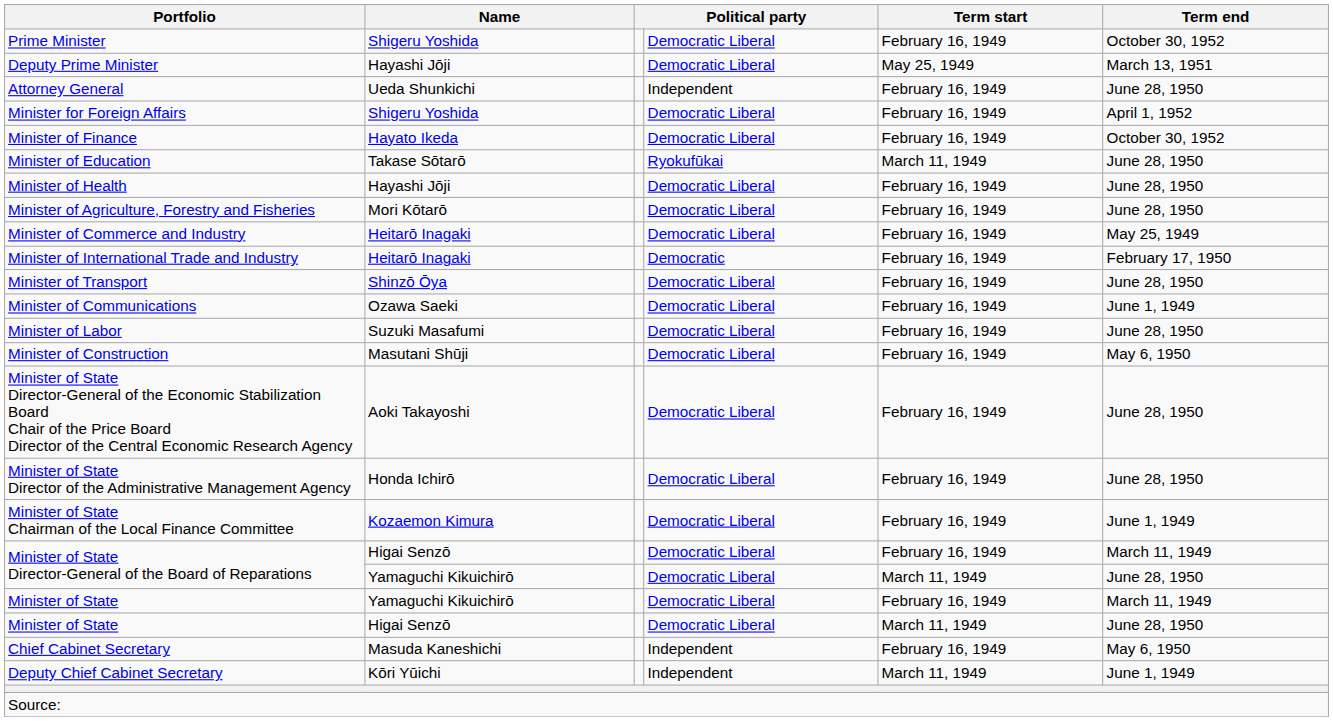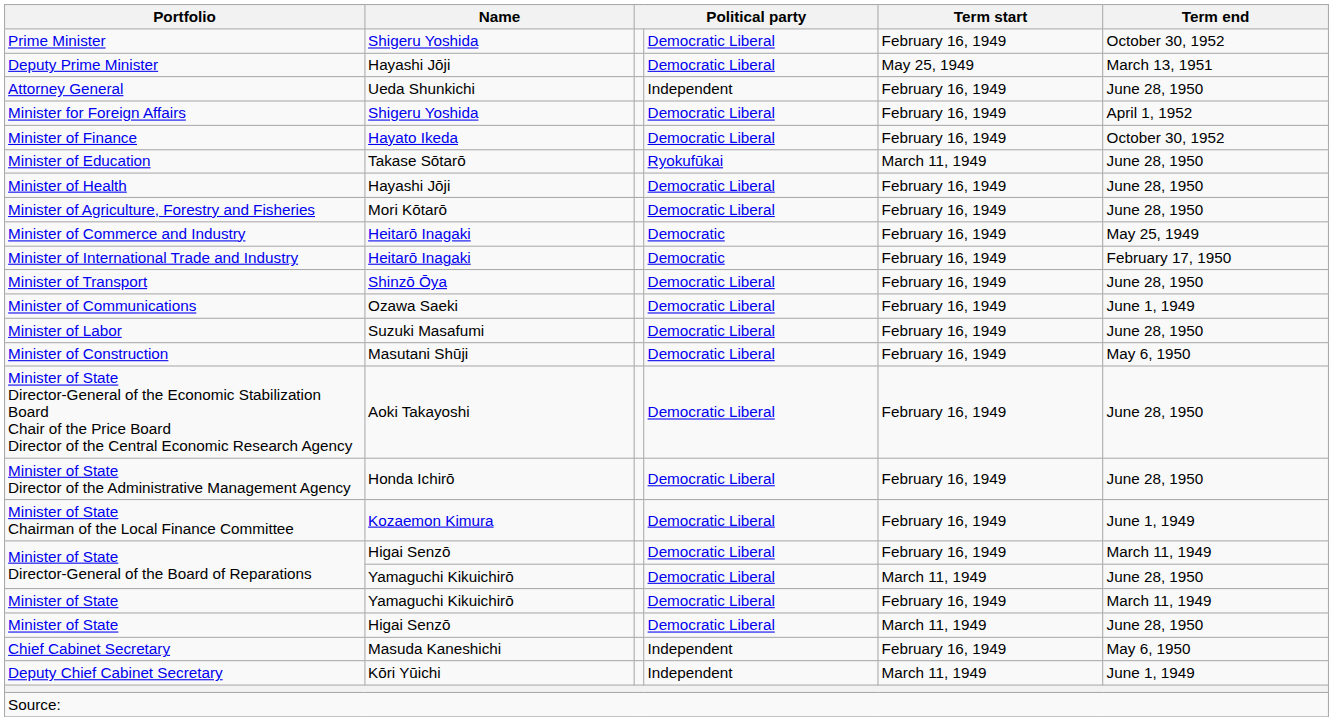 <table class="wikitable unsortable" style="font-size: 90%;">
 <tr>
 <th scope="col" width="20%">Portfolio</th>
 <th scope="col" width="15%">Name</th>
 <th colspan="2" scope="col" width="13.5%">Political party</th>
 <th scope="col" width="12.5%">Term start</th>
 <th scope="col" width="12.5%">Term end</th>
 </tr>
 <tr>
 <td style="text-align: left;"><a href='#'>Prime Minister</a></td>
 <td><a href='#'>Shigeru Yoshida</a></td>
 <td width="0.5%" style="background:"></td>
 <td><a href='#'>Democratic Liberal</a></td>
 <td>February 16, 1949</td>
 <td>October 30, 1952</td>
 </tr>
 <tr>
 <td><a href='#'>Deputy Prime Minister</a></td>
 <td>Hayashi Jōji</td>
 <td style="color:inherit;background:"></td>
 <td><a href='#'>Democratic Liberal</a></td>
 <td>May 25, 1949</td>
 <td>March 13, 1951</td>
 </tr>
 <tr>
 <td><a href='#'>Attorney General</a></td>
 <td>Ueda Shunkichi</td>
 <td style="color:inherit;background:"></td>
 <td>Independent</td>
 <td>February 16, 1949</td>
 <td>June 28, 1950</td>
 </tr>
 <tr>
 <td><a href='#'>Minister for Foreign Affairs</a></td>
 <td><a href='#'>Shigeru Yoshida</a></td>
 <td style="color:inherit;background:"></td>
 <td><a href='#'>Democratic Liberal</a></td>
 <td>February 16, 1949</td>
 <td>April 1, 1952</td>
 </tr>
 <tr>
 <td><a href='#'>Minister of Finance</a></td>
 <td><a href='#'>Hayato Ikeda</a></td>
 <td style="color:inherit;background:"></td>
 <td><a href='#'>Democratic Liberal</a></td>
 <td>February 16, 1949</td>
 <td>October 30, 1952</td>
 </tr>
 <tr>
 <td><a href='#'>Minister of Education</a></td>
 <td>Takase Sōtarō</td>
 <td></td>
 <td><a href='#'>Ryokufūkai</a></td>
 <td>March 11, 1949</td>
 <td>June 28, 1950</td>
 </tr>
 <tr>
 <td><a href='#'>Minister of Health</a></td>
 <td>Hayashi Jōji</td>
 <td style="color:inherit;background:"></td>
 <td><a href='#'>Democratic Liberal</a></td>
 <td>February 16, 1949</td>
 <td>June 28, 1950</td>
 </tr>
 <tr>
 <td><a href='#'>Minister of Agriculture, Forestry and Fisheries</a></td>
 <td>Mori Kōtarō</td>
 <td style="color:inherit;background:"></td>
 <td><a href='#'>Democratic Liberal</a></td>
 <td>February 16, 1949</td>
 <td>June 28, 1950</td>
 </tr>
 <tr>
 <td><a href='#'>Minister of Commerce and Industry</a></td>
 <td><a href='#'>Heitarō Inagaki</a></td>
 <td style="color:inherit;background:"></td>
-<td><a href='#'>Democratic Liberal</a></td>
+<td><a href='#'>Democratic</a></td>
 <td>February 16, 1949</td>
 <td>May 25, 1949</td>
 </tr>
 <tr>
 <td><a href='#'>Minister of International Trade and Industry</a></td>
 <td><a href='#'>Heitarō Inagaki</a></td>
 <td style="color:inherit;background:"></td>
 <td><a href='#'>Democratic</a></td>
 <td>February 16, 1949</td>
 <td>February 17, 1950</td>
 </tr>
 <tr>
 <td><a href='#'>Minister of Transport</a></td>
 <td><a href='#'>Shinzō Ōya</a></td>
 <td style="color:inherit;background:"></td>
 <td><a href='#'>Democratic Liberal</a></td>
 <td>February 16, 1949</td>
 <td>June 28, 1950</td>
 </tr>
 <tr>
 <td><a href='#'>Minister of Communications</a></td>
 <td>Ozawa Saeki</td>
 <td style="color:inherit;background:"></td>
 <td><a href='#'>Democratic Liberal</a></td>
 <td>February 16, 1949</td>
 <td>June 1, 1949</td>
 </tr>
 <tr>
 <td><a href='#'>Minister of Labor</a></td>
 <td>Suzuki Masafumi</td>
 <td style="color:inherit;background:"></td>
 <td><a href='#'>Democratic Liberal</a></td>
 <td>February 16, 1949</td>
 <td>June 28, 1950</td>
 </tr>
 <tr>
 <td><a href='#'>Minister of Construction</a></td>
 <td>Masutani Shūji</td>
 <td style="color:inherit;background:"></td>
 <td><a href='#'>Democratic Liberal</a></td>
 <td>February 16, 1949</td>
 <td>May 6, 1950</td>
 </tr>
 <tr>
 <td><a href='#'>Minister of State</a><br>Director-General of the Economic Stabilization Board<br>Chair of the Price Board<br>Director of the Central Economic Research Agency</td>
 <td>Aoki Takayoshi</td>
 <td style="color:inherit;background:"></td>
 <td><a href='#'>Democratic Liberal</a></td>
 <td>February 16, 1949</td>
 <td>June 28, 1950</td>
 </tr>
 <tr>
 <td><a href='#'>Minister of State</a><br>Director of the Administrative Management Agency</td>
 <td>Honda Ichirō</td>
 <td style="color:inherit;background:"></td>
 <td><a href='#'>Democratic Liberal</a></td>
 <td>February 16, 1949</td>
 <td>June 28, 1950</td>
 </tr>
 <tr>
 <td><a href='#'>Minister of State</a><br>Chairman of the Local Finance Committee</td>
 <td><a href='#'>Kozaemon Kimura</a></td>
 <td style="color:inherit;background:"></td>
 <td><a href='#'>Democratic Liberal</a></td>
 <td>February 16, 1949</td>
 <td>June 1, 1949</td>
 </tr>
 <tr>
 <td rowspan="2"><a href='#'>Minister of State</a><br>Director-General of the Board of Reparations</td>
 <td>Higai Senzō</td>
 <td style="color:inherit;background:"></td>
 <td><a href='#'>Democratic Liberal</a></td>
 <td>February 16, 1949</td>
 <td>March 11, 1949</td>
 </tr>
 <tr>
 <td>Yamaguchi Kikuichirō</td>
 <td style="color:inherit;background:"></td>
 <td><a href='#'>Democratic Liberal</a></td>
 <td>March 11, 1949</td>
 <td>June 28, 1950</td>
 </tr>
 <tr>
 <td><a href='#'>Minister of State</a></td>
 <td>Yamaguchi Kikuichirō</td>
 <td style="color:inherit;background:"></td>
 <td><a href='#'>Democratic Liberal</a></td>
 <td>February 16, 1949</td>
 <td>March 11, 1949</td>
 </tr>
 <tr>
 <td><a href='#'>Minister of State</a></td>
 <td>Higai Senzō</td>
 <td style="color:inherit;background:"></td>
 <td><a href='#'>Democratic Liberal</a></td>
 <td>March 11, 1949</td>
 <td>June 28, 1950</td>
 </tr>
 <tr>
 <td><a href='#'>Chief Cabinet Secretary</a></td>
 <td>Masuda Kaneshichi</td>
 <td style="color:inherit;background:"></td>
 <td>Independent</td>
 <td>February 16, 1949</td>
 <td>May 6, 1950</td>
 </tr>
 <tr>
 <td><a href='#'>Deputy Chief Cabinet Secretary</a></td>
 <td>Kōri Yūichi</td>
 <td style="color:inherit;background:"></td>
 <td>Independent</td>
 <td>March 11, 1949</td>
 <td>June 1, 1949</td>
 </tr>
 <tr>
 <th colspan="6"></th>
 </tr>
 <tr>
 <td colspan="6">Source:</td>
 </tr>
 </table>
